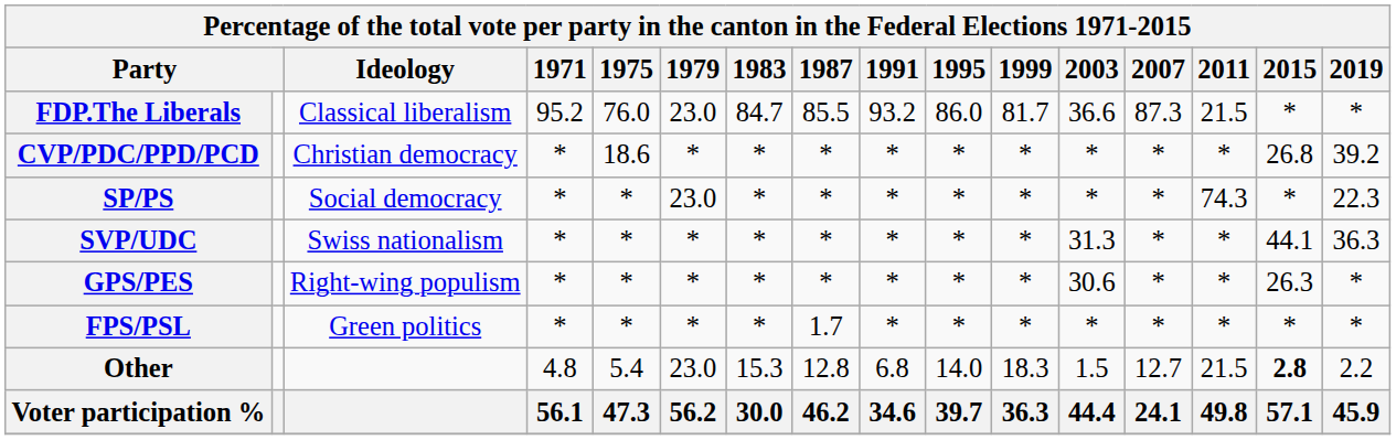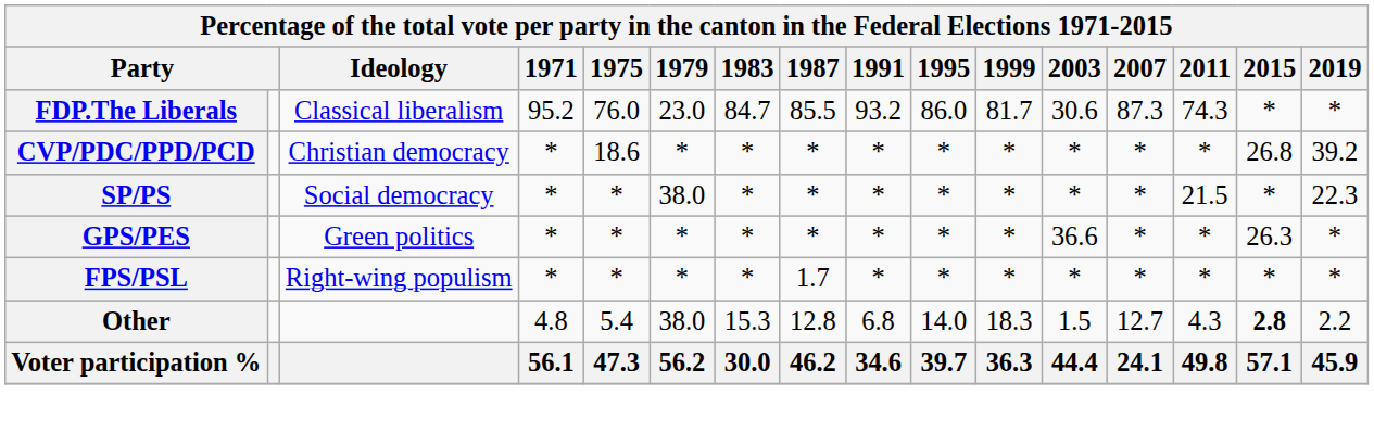 <table class="wikitable sortable" style ="text-align: center">
 <tr>
 <th colspan="16">Percentage of the total vote per party in the canton in the Federal Elections 1971-2015</th>
 </tr>
 <tr>
 <th colspan="2">Party</th>
 <th class="unsortable">Ideology</th>
 <th>1971</th>
 <th>1975</th>
 <th>1979</th>
 <th>1983</th>
 <th>1987</th>
 <th>1991</th>
 <th>1995</th>
 <th>1999</th>
 <th>2003</th>
 <th>2007</th>
 <th>2011</th>
 <th>2015</th>
 <th>2019</th>
 </tr>
 <tr>
 <th><a href='#'>FDP.The Liberals</a></th>
 <td></td>
 <td><a href='#'>Classical liberalism</a></td>
 <td>95.2</td>
 <td>76.0</td>
 <td>23.0</td>
 <td>84.7</td>
 <td>85.5</td>
 <td>93.2</td>
 <td>86.0</td>
 <td>81.7</td>
-<td>36.6</td>
+<td>30.6</td>
 <td>87.3</td>
-<td>21.5</td>
+<td>74.3</td>
 <td>*</td>
 <td>*</td>
 </tr>
 <tr>
 <th><a href='#'>CVP/PDC/PPD/PCD</a></th>
 <td></td>
 <td><a href='#'>Christian democracy</a></td>
 <td>* </td>
 <td>18.6</td>
 <td>*</td>
 <td>*</td>
 <td>*</td>
 <td>*</td>
 <td>*</td>
 <td>*</td>
 <td>*</td>
 <td>*</td>
 <td>*</td>
 <td>26.8</td>
 <td>39.2</td>
 </tr>
 <tr>
 <th><a href='#'>SP/PS</a></th>
 <td></td>
 <td><a href='#'>Social democracy</a></td>
 <td>*</td>
 <td>*</td>
-<td>23.0</td>
+<td>38.0</td>
 <td>*</td>
 <td>*</td>
 <td>*</td>
 <td>*</td>
 <td>*</td>
 <td>*</td>
 <td>*</td>
-<td>74.3</td>
+<td>21.5</td>
 <td>*</td>
 <td>22.3</td>
 </tr>
 <tr>
-<th><a href='#'>SVP/UDC</a></th>
+<th><a href='#'>GPS/PES</a></th>
 <td></td>
-<td><a href='#'>Swiss nationalism</a></td>
+<td><a href='#'>Green politics</a></td>
 <td>*</td>
 <td>*</td>
 <td>*</td>
 <td>*</td>
 <td>*</td>
 <td>*</td>
 <td>*</td>
 <td>*</td>
-<td>31.3</td>
-<td>*</td>
-<td>*</td>
-<td>44.1</td>
-<td>36.3</td>
-</tr>
-<tr>
-<th><a href='#'>GPS/PES</a></th>
-<td></td>
-<td><a href='#'>Right-wing populism</a></td>
-<td>*</td>
-<td>*</td>
-<td>*</td>
-<td>*</td>
-<td>*</td>
-<td>*</td>
-<td>*</td>
-<td>*</td>
-<td>30.6</td>
+<td>36.6</td>
 <td>*</td>
 <td>*</td>
 <td>26.3</td>
 <td>*</td>
 </tr>
 <tr>
 <th><a href='#'>FPS/PSL</a></th>
 <td></td>
-<td><a href='#'>Green politics</a></td>
+<td><a href='#'>Right-wing populism</a></td>
 <td>*</td>
 <td>*</td>
 <td>*</td>
 <td>*</td>
 <td>1.7</td>
 <td>*</td>
 <td>*</td>
 <td>*</td>
 <td>*</td>
 <td>*</td>
 <td>*</td>
 <td>*</td>
 <td>*</td>
 </tr>
 <tr>
 <th>Other</th>
 <td></td>
 <td></td>
 <td>4.8</td>
 <td>5.4</td>
-<td>23.0</td>
+<td>38.0</td>
 <td>15.3</td>
 <td>12.8</td>
 <td>6.8</td>
 <td>14.0</td>
 <td>18.3</td>
 <td>1.5</td>
 <td>12.7</td>
-<td>21.5</td>
+<td>4.3</td>
 <td><strong>2.8</strong></td>
 <td>2.2</td>
 </tr>
 <tr>
 <th>Voter participation %</th>
 <th></th>
 <th></th>
 <th>56.1</th>
 <th>47.3</th>
 <th>56.2</th>
 <th>30.0</th>
 <th>46.2</th>
 <th>34.6</th>
 <th>39.7</th>
 <th>36.3</th>
 <th>44.4</th>
 <th>24.1</th>
 <th>49.8</th>
 <th>57.1</th>
 <th>45.9</th>
 </tr>
 <tr>
 </tr>
 </table>
